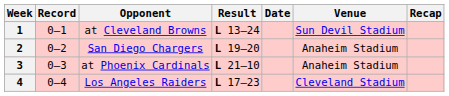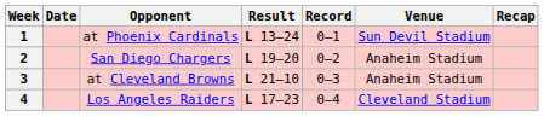 <table class="wikitable" style="text-align:center">
 <tr>
 <th>Week</th>
-<th>Record</th>
+<th>Date</th>
 <th>Opponent</th>
 <th>Result</th>
-<th>Date</th>
+<th>Record</th>
 <th>Venue</th>
 <th>Recap</th>
 </tr>
 <tr align="center" bgcolor="#fcc">
 <th>1</th>
+<td></td>
+<td>at <a href='#'>Phoenix Cardinals</a></td>
+<td><strong>L</strong> 13–24</td>
 <td>0–1</td>
-<td>at  <a href='#'>Cleveland Browns</a></td>
-<td><strong>L</strong> 13–24</td>
-<td></td>
 <td><a href='#'>Sun Devil Stadium</a></td>
 <td></td>
 </tr>
 <tr align="center" bgcolor="#fcc">
 <th>2</th>
-<td>0–2</td>
+<td></td>
 <td><a href='#'>San Diego Chargers</a></td>
 <td><strong>L</strong> 19–20</td>
-<td></td>
+<td>0–2</td>
 <td>Anaheim Stadium</td>
 <td></td>
 </tr>
 <tr align="center" bgcolor="#fcc">
 <th>3</th>
+<td></td>
+<td>at  <a href='#'>Cleveland Browns</a></td>
+<td><strong>L</strong> 21–10</td>
 <td>0–3</td>
-<td>at <a href='#'>Phoenix Cardinals</a></td>
-<td><strong>L</strong> 21–10</td>
-<td></td>
 <td>Anaheim Stadium</td>
 <td></td>
 </tr>
 <tr align="center" bgcolor="#fcc">
 <th>4</th>
-<td>0–4</td>
+<td></td>
 <td><a href='#'>Los Angeles Raiders</a></td>
 <td><strong>L</strong> 17–23</td>
-<td></td>
+<td>0–4</td>
 <td><a href='#'>Cleveland Stadium</a></td>
 <td></td>
 </tr>
 </table>
